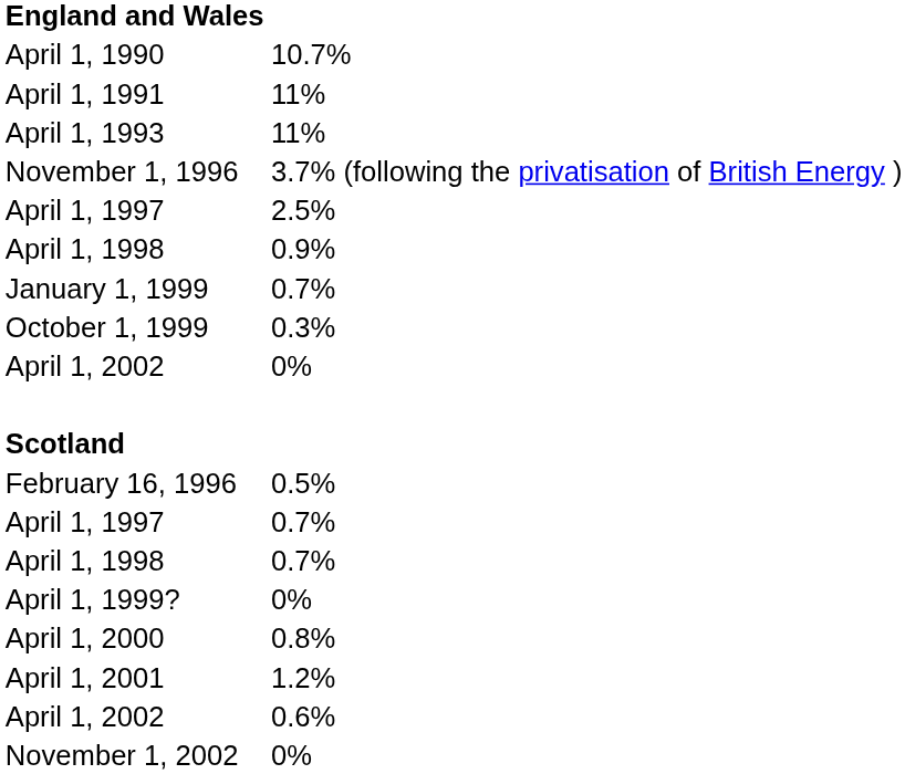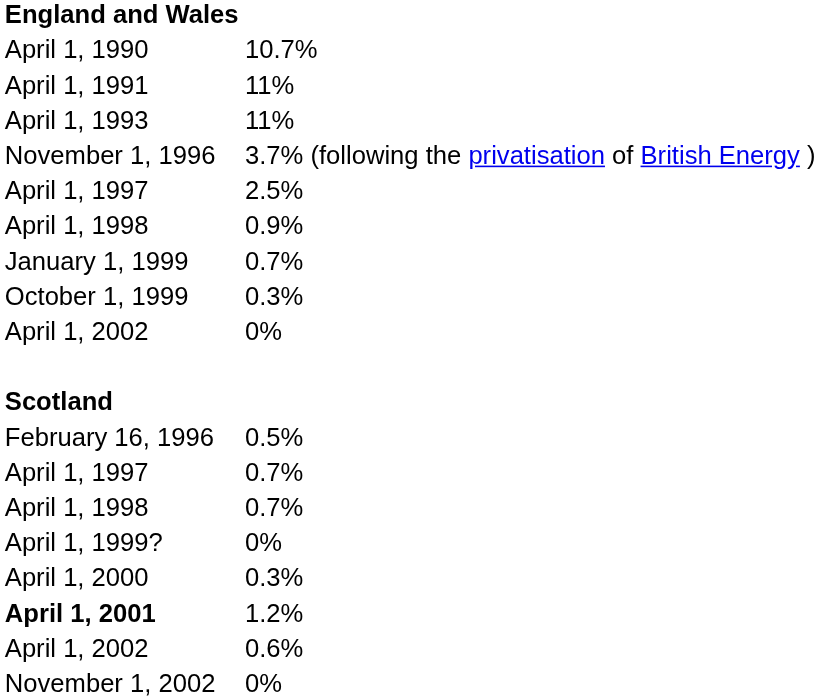 <table>
 <tr>
 <td><strong>England and Wales</strong></td>
 <td></td>
 </tr>
 <tr>
 <td>April 1, 1990</td>
 <td>10.7%</td>
 </tr>
 <tr>
 <td>April 1, 1991</td>
 <td>11%</td>
 </tr>
 <tr>
 <td>April 1, 1993</td>
 <td>11%</td>
 </tr>
 <tr>
 <td>November 1, 1996</td>
 <td>3.7% (following the <a href='#'>privatisation</a> of <a href='#'>British Energy</a> )</td>
 </tr>
 <tr>
 <td>April 1, 1997</td>
 <td>2.5%</td>
 </tr>
 <tr>
 <td>April 1, 1998</td>
 <td>0.9% </td>
 </tr>
 <tr>
 <td>January 1, 1999</td>
 <td>0.7%</td>
 </tr>
 <tr>
 <td>October 1, 1999</td>
 <td>0.3% </td>
 </tr>
 <tr>
 <td>April 1, 2002</td>
 <td>0% </td>
 </tr>
 <tr>
 <td><br></td>
 </tr>
 <tr>
 <td><strong>Scotland</strong></td>
 </tr>
 <tr>
 <td>February 16, 1996</td>
 <td>0.5% </td>
 </tr>
 <tr>
 <td>April 1, 1997</td>
 <td>0.7% </td>
 </tr>
 <tr>
 <td>April 1, 1998</td>
 <td>0.7% </td>
 </tr>
 <tr>
 <td>April 1, 1999?</td>
 <td>0%</td>
 </tr>
 <tr>
 <td>April 1, 2000</td>
-<td>0.8% </td>
+<td>0.3% </td>
 </tr>
 <tr>
-<td>April 1, 2001</td>
+<td><strong>April 1, 2001</strong></td>
 <td>1.2% </td>
 </tr>
 <tr>
 <td>April 1, 2002</td>
 <td>0.6% </td>
 </tr>
 <tr>
 <td>November 1, 2002</td>
 <td>0% </td>
 </tr>
 </table>
